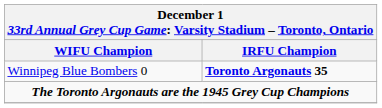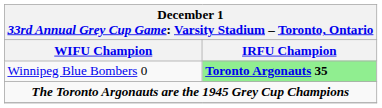 <table class="wikitable">
 <tr>
 <th bgcolor="#DDDDDD" colspan=4>December 1<br><a href='#'><em>33rd Annual Grey Cup Game</em></a>: <a href='#'>Varsity Stadium</a> – <a href='#'>Toronto, Ontario</a></th>
 </tr>
 <tr>
 <th><a href='#'>WIFU Champion</a></th>
 <th><a href='#'>IRFU Champion</a></th>
 </tr>
 <tr>
 <td><a href='#'>Winnipeg Blue Bombers</a> 0</td>
-<td><strong><a href='#'>Toronto Argonauts</a> 35</strong></td>
+<td style="background: lightgreen;"><strong><a href='#'>Toronto Argonauts</a> 35</strong></td>
 </tr>
 <tr>
 <td align="center" colspan=4><strong><em>The Toronto Argonauts are the 1945 Grey Cup Champions</em></strong></td>
 </tr>
 <tr>
 </tr>
 </table>
